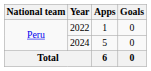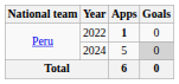 <table class="wikitable" style="text-align:center">
 <tr>
 <th>National team</th>
 <th>Year</th>
 <th>Apps</th>
 <th>Goals</th>
 </tr>
 <tr>
 <td rowspan="2"><a href='#'>Peru</a></td>
 <td>2022</td>
-<td>1</td>
+<td><strong>1</strong></td>
 <td>0</td>
 </tr>
 <tr>
 <td>2024</td>
 <td>5</td>
-<td>0</td>
+<td style="background: lightgrey;">0</td>
 </tr>
 <tr>
 <th colspan="2">Total</th>
 <th>6</th>
 <th>0</th>
 </tr>
 </table>
